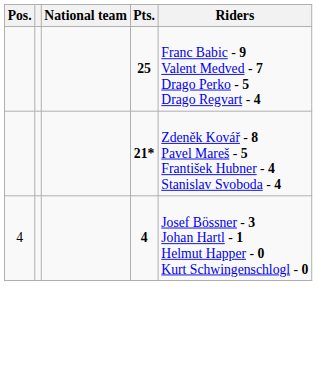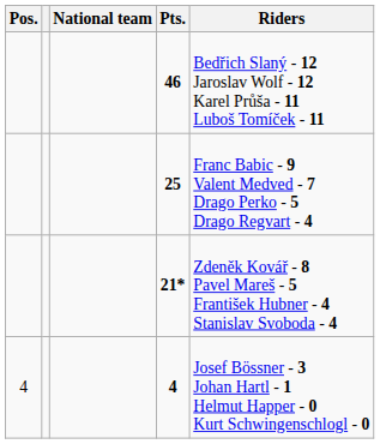 <table class=wikitable style="font-size:93%;">
 <tr>
 <th>Pos.</th>
 <th></th>
 <th>National team</th>
 <th>Pts.</th>
 <th>Riders</th>
+</tr>
+<tr align=center >
+<td></td>
+<td></td>
+<td align=left></td>
+<td><strong>46</strong></td>
+<td align=left><br><a href='#'>Bedřich Slaný</a> - <strong>12</strong> <br> Jaroslav Wolf - <strong>12</strong> <br> Karel Průša - <strong>11</strong> <br> <a href='#'>Luboš Tomíček</a> - <strong>11</strong><br></td>
 </tr>
 <tr align=center >
 <td></td>
 <td></td>
 <td align=left></td>
 <td><strong>25</strong></td>
 <td align=left><br><a href='#'>Franc Babic</a> - <strong>9</strong> <br> <a href='#'>Valent Medved</a> - <strong>7</strong> <br> <a href='#'>Drago Perko</a> - <strong>5</strong> <br> <a href='#'>Drago Regvart</a> - <strong>4</strong> <br></td>
 </tr>
 <tr align=center >
 <td></td>
 <td></td>
 <td align=left></td>
 <td><strong>21*</strong></td>
 <td align=left><br><a href='#'>Zdeněk Kovář</a> - <strong>8</strong> <br> <a href='#'>Pavel Mareš</a> - <strong>5</strong> <br> <a href='#'>František Hubner</a> - <strong>4</strong> <br> <a href='#'>Stanislav Svoboda</a> - <strong>4</strong> <br></td>
 </tr>
 <tr align=center>
 <td>4</td>
 <td></td>
 <td align=left></td>
 <td><strong>4</strong></td>
 <td align=left><br><a href='#'>Josef Bössner</a> - <strong>3</strong> <br> <a href='#'>Johan Hartl</a> - <strong>1</strong> <br> <a href='#'>Helmut Happer</a> - <strong>0</strong> <br> <a href='#'>Kurt Schwingenschlogl</a> - <strong>0</strong> <br></td>
 </tr>
 </table>
